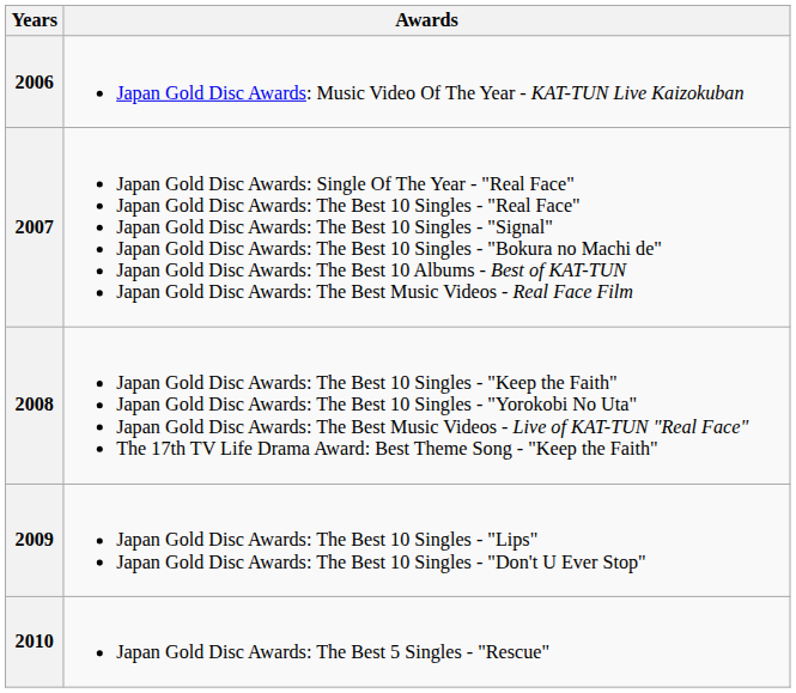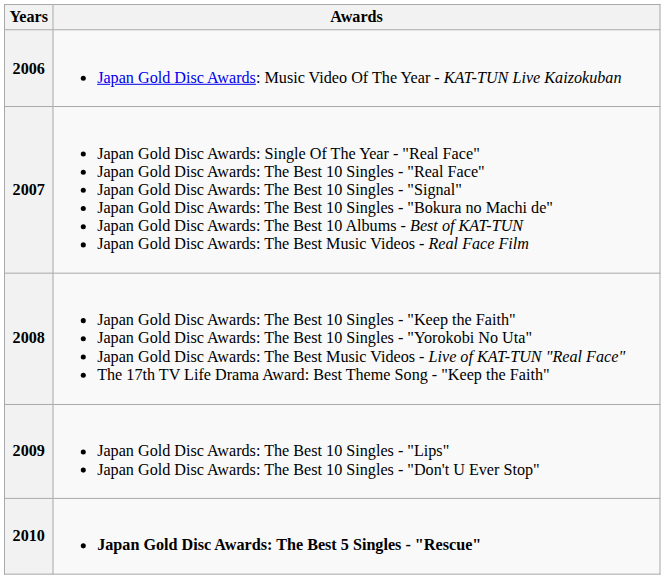 <table class="wikitable" style="width:650px;">
 <tr>
 <th align="left">Years</th>
 <th align="left">Awards</th>
 </tr>
 <tr>
 <th style="text-align:center;">2006</th>
 <td align="left"><br><ul><li><a href='#'>Japan Gold Disc Awards</a>: Music Video Of The Year - <em>KAT-TUN Live Kaizokuban</em></li></ul></td>
 </tr>
 <tr>
 <th style="text-align:center;">2007</th>
 <td align="left"><br><ul><li>Japan Gold Disc Awards: Single Of The Year - "Real Face"</li><li>Japan Gold Disc Awards: The Best 10 Singles - "Real Face"</li><li>Japan Gold Disc Awards: The Best 10 Singles - "Signal"</li><li>Japan Gold Disc Awards: The Best 10 Singles - "Bokura no Machi de"</li><li>Japan Gold Disc Awards: The Best 10 Albums - <em>Best of KAT-TUN</em></li><li>Japan Gold Disc Awards: The Best Music Videos - <em>Real Face Film</em></li></ul></td>
 </tr>
 <tr>
 <th style="text-align:center;">2008</th>
 <td align="left"><br><ul><li>Japan Gold Disc Awards: The Best 10 Singles - "Keep the Faith"</li><li>Japan Gold Disc Awards: The Best 10 Singles - "Yorokobi No Uta"</li><li>Japan Gold Disc Awards: The Best Music Videos - <em>Live of KAT-TUN "Real Face"</em></li><li>The 17th TV Life Drama Award: Best Theme Song - "Keep the Faith"</li></ul></td>
 </tr>
 <tr>
 <th style="text-align:center;">2009</th>
 <td align="left"><br><ul><li>Japan Gold Disc Awards: The Best 10 Singles - "Lips"</li><li>Japan Gold Disc Awards: The Best 10 Singles - "Don't U Ever Stop"</li></ul></td>
 </tr>
 <tr>
 <th style="text-align:center;">2010</th>
-<td align="left"><br><ul><li>Japan Gold Disc Awards: The Best 5 Singles - "Rescue"</li></ul></td>
+<td align="left"><strong><br><ul><li>Japan Gold Disc Awards: The Best 5 Singles - "Rescue"</li></ul></strong></td>
 </tr>
 </table>
